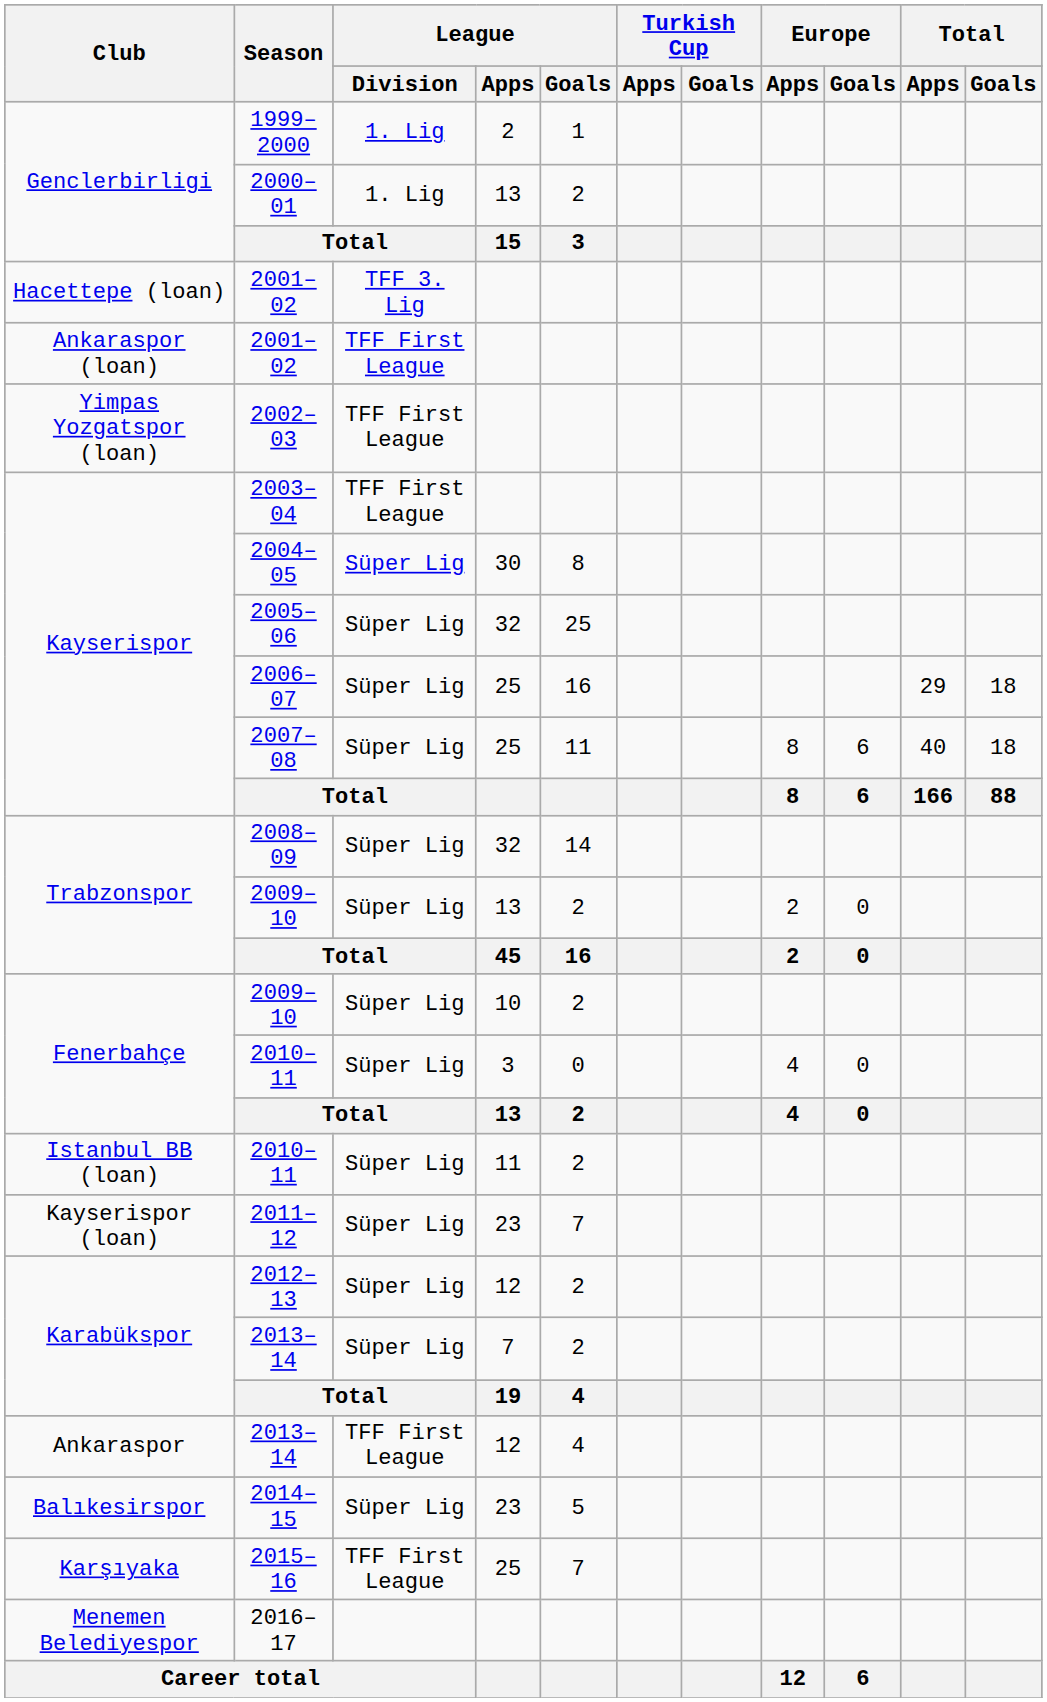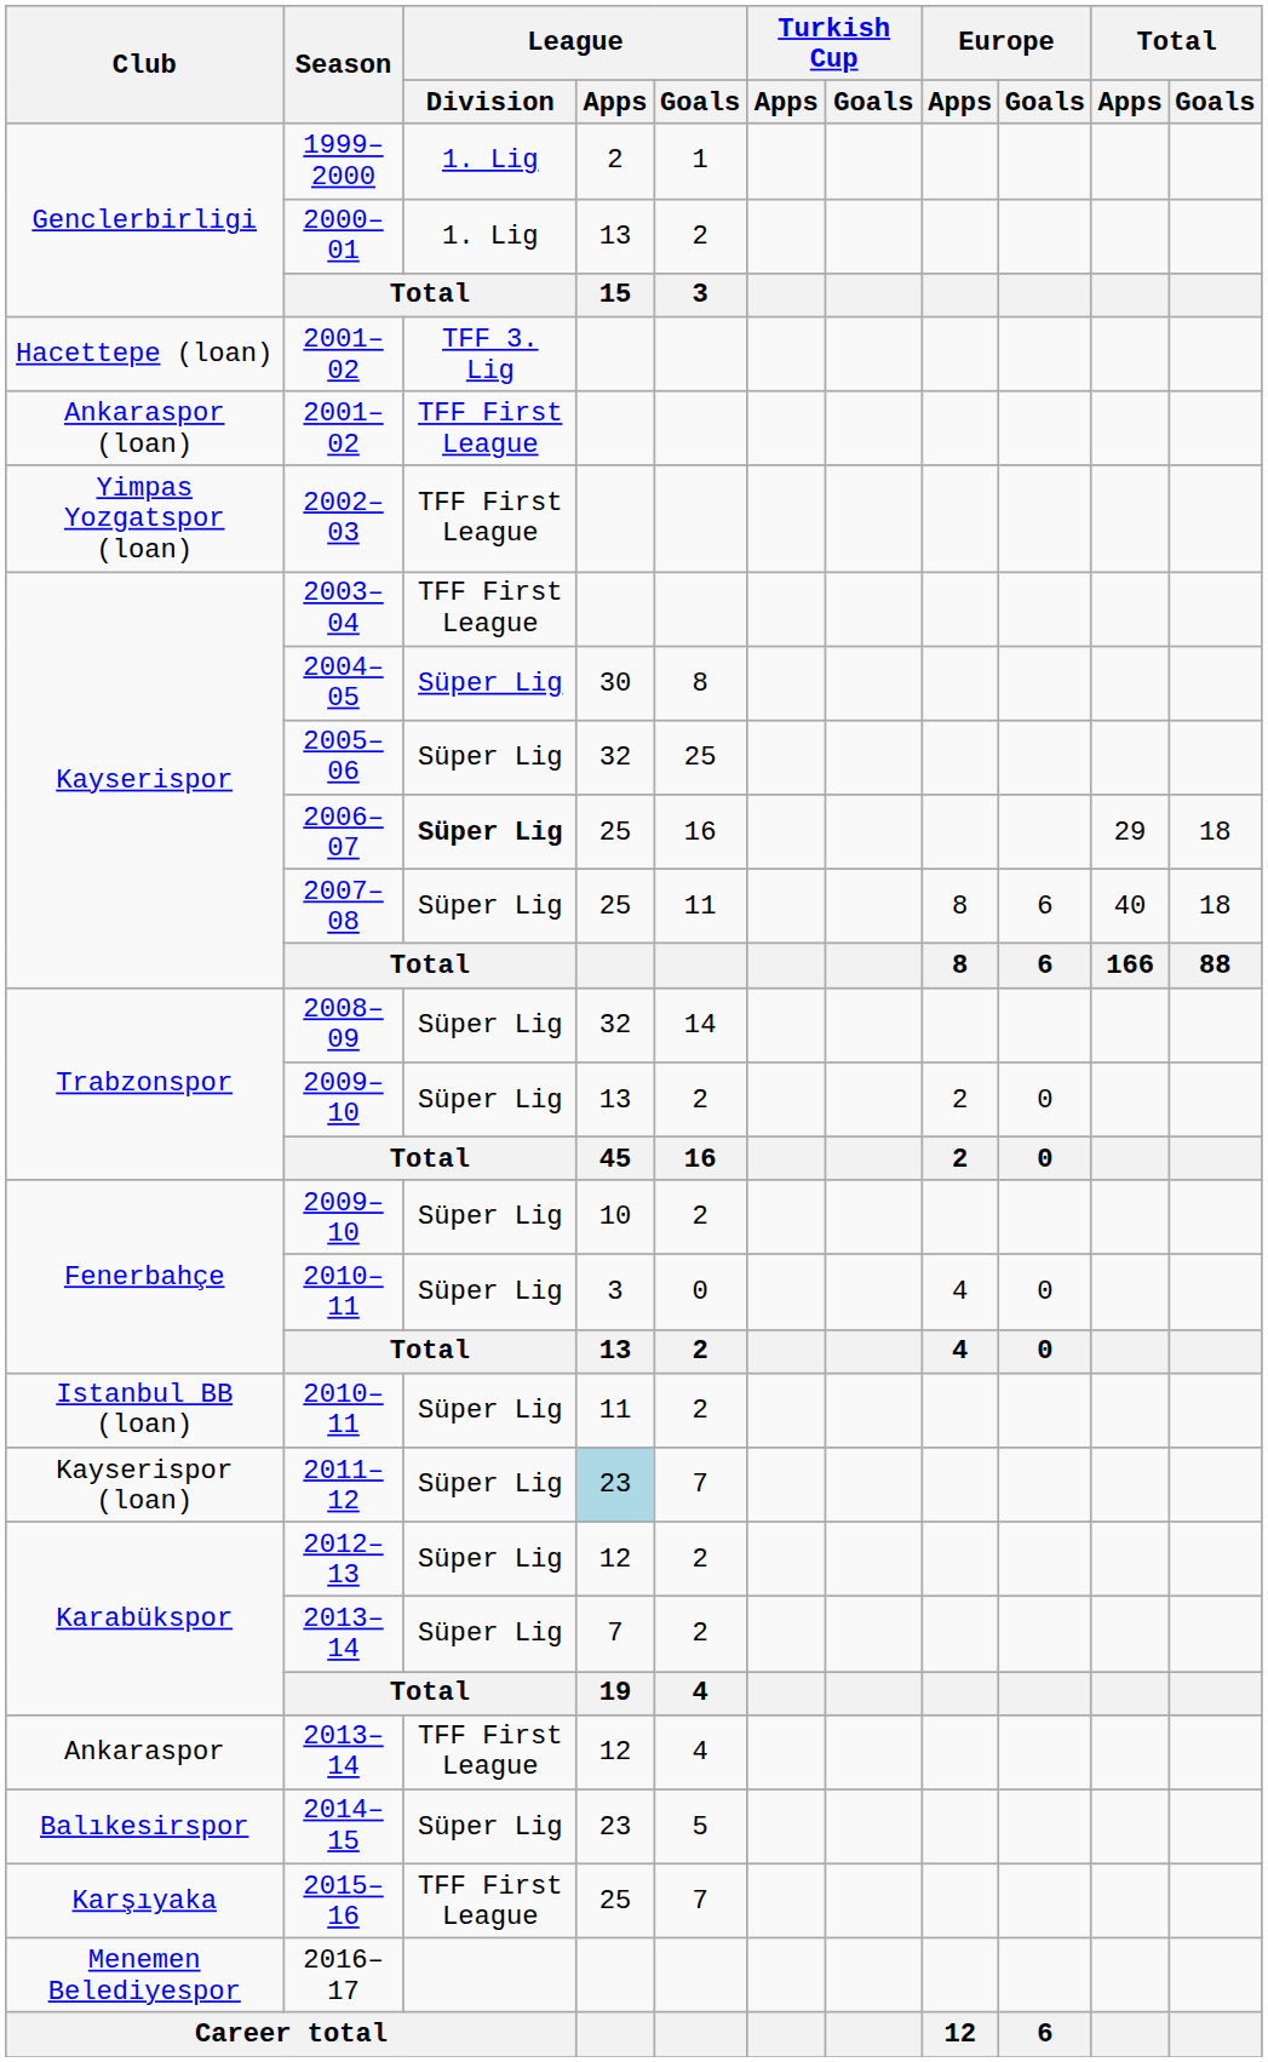 <table class="wikitable" style="text-align:center">
 <tr>
 <th rowspan="2">Club</th>
 <th rowspan="2">Season</th>
 <th colspan="3">League</th>
 <th colspan="2"><a href='#'>Turkish Cup</a></th>
 <th colspan="2">Europe</th>
 <th colspan="2">Total</th>
 </tr>
 <tr>
 <th>Division</th>
 <th>Apps</th>
 <th>Goals</th>
 <th>Apps</th>
 <th>Goals</th>
 <th>Apps</th>
 <th>Goals</th>
 <th>Apps</th>
 <th>Goals</th>
 </tr>
 <tr>
 <td rowspan="3"><a href='#'>Genclerbirligi</a></td>
 <td><a href='#'>1999–2000</a></td>
 <td><a href='#'>1. Lig</a></td>
 <td>2</td>
 <td>1</td>
 <td></td>
 <td></td>
 <td></td>
 <td></td>
 <td></td>
 <td></td>
 </tr>
 <tr>
 <td><a href='#'>2000–01</a></td>
 <td>1. Lig</td>
 <td>13</td>
 <td>2</td>
 <td></td>
 <td></td>
 <td></td>
 <td></td>
 <td></td>
 <td></td>
 </tr>
 <tr>
 <th colspan="2">Total</th>
 <th>15</th>
 <th>3</th>
 <th></th>
 <th></th>
 <th></th>
 <th></th>
 <th></th>
 <th></th>
 </tr>
 <tr>
 <td><a href='#'>Hacettepe</a> (loan)</td>
 <td><a href='#'>2001–02</a></td>
 <td><a href='#'>TFF 3. Lig</a></td>
 <td></td>
 <td></td>
 <td></td>
 <td></td>
 <td></td>
 <td></td>
 <td></td>
 <td></td>
 </tr>
 <tr>
 <td><a href='#'>Ankaraspor</a> (loan)</td>
 <td><a href='#'>2001–02</a></td>
 <td><a href='#'>TFF First League</a></td>
 <td></td>
 <td></td>
 <td></td>
 <td></td>
 <td></td>
 <td></td>
 <td></td>
 <td></td>
 </tr>
 <tr>
 <td><a href='#'>Yimpas Yozgatspor</a>  (loan)</td>
 <td><a href='#'>2002–03</a></td>
 <td>TFF First League</td>
 <td></td>
 <td></td>
 <td></td>
 <td></td>
 <td></td>
 <td></td>
 <td></td>
 <td></td>
 </tr>
 <tr>
 <td rowspan="6"><a href='#'>Kayserispor</a></td>
 <td><a href='#'>2003–04</a></td>
 <td>TFF First League</td>
 <td></td>
 <td></td>
 <td></td>
 <td></td>
 <td></td>
 <td></td>
 <td></td>
 <td></td>
 </tr>
 <tr>
 <td><a href='#'>2004–05</a></td>
 <td><a href='#'>Süper Lig</a></td>
 <td>30</td>
 <td>8</td>
 <td></td>
 <td></td>
 <td></td>
 <td></td>
 <td></td>
 <td></td>
 </tr>
 <tr>
 <td><a href='#'>2005–06</a></td>
 <td>Süper Lig</td>
 <td>32</td>
 <td>25</td>
 <td></td>
 <td></td>
 <td></td>
 <td></td>
 <td></td>
 <td></td>
 </tr>
 <tr>
 <td><a href='#'>2006–07</a></td>
-<td>Süper Lig</td>
+<td><strong>Süper Lig</strong></td>
 <td>25</td>
 <td>16</td>
 <td></td>
 <td></td>
 <td></td>
 <td></td>
 <td>29</td>
 <td>18</td>
 </tr>
 <tr>
 <td><a href='#'>2007–08</a></td>
 <td>Süper Lig</td>
 <td>25</td>
 <td>11</td>
 <td></td>
 <td></td>
 <td>8</td>
 <td>6</td>
 <td>40</td>
 <td>18</td>
 </tr>
 <tr>
 <th colspan="2">Total</th>
 <th></th>
 <th></th>
 <th></th>
 <th></th>
 <th>8</th>
 <th>6</th>
 <th>166</th>
 <th>88</th>
 </tr>
 <tr>
 <td rowspan="3"><a href='#'>Trabzonspor</a></td>
 <td><a href='#'>2008–09</a></td>
 <td>Süper Lig</td>
 <td>32</td>
 <td>14</td>
 <td></td>
 <td></td>
 <td></td>
 <td></td>
 <td></td>
 <td></td>
 </tr>
 <tr>
 <td><a href='#'>2009–10</a></td>
 <td>Süper Lig</td>
 <td>13</td>
 <td>2</td>
 <td></td>
 <td></td>
 <td>2</td>
 <td>0</td>
 <td></td>
 <td></td>
 </tr>
 <tr>
 <th colspan="2">Total</th>
 <th>45</th>
 <th>16</th>
 <th></th>
 <th></th>
 <th>2</th>
 <th>0</th>
 <th></th>
 <th></th>
 </tr>
 <tr>
 <td rowspan="3"><a href='#'>Fenerbahçe</a></td>
 <td><a href='#'>2009–10</a></td>
 <td>Süper Lig</td>
 <td>10</td>
 <td>2</td>
 <td></td>
 <td></td>
 <td></td>
 <td></td>
 <td></td>
 <td></td>
 </tr>
 <tr>
 <td><a href='#'>2010–11</a></td>
 <td>Süper Lig</td>
 <td>3</td>
 <td>0</td>
 <td></td>
 <td></td>
 <td>4</td>
 <td>0</td>
 <td></td>
 <td></td>
 </tr>
 <tr>
 <th colspan="2">Total</th>
 <th>13</th>
 <th>2</th>
 <th></th>
 <th></th>
 <th>4</th>
 <th>0</th>
 <th></th>
 <th></th>
 </tr>
 <tr>
 <td><a href='#'>Istanbul BB</a> (loan)</td>
 <td><a href='#'>2010–11</a></td>
 <td>Süper Lig</td>
 <td>11</td>
 <td>2</td>
 <td></td>
 <td></td>
 <td></td>
 <td></td>
 <td></td>
 <td></td>
 </tr>
 <tr>
 <td>Kayserispor (loan)</td>
 <td><a href='#'>2011–12</a></td>
 <td>Süper Lig</td>
-<td>23</td>
+<td style="background: lightblue;">23</td>
 <td>7</td>
 <td></td>
 <td></td>
 <td></td>
 <td></td>
 <td></td>
 <td></td>
 </tr>
 <tr>
 <td rowspan="3"><a href='#'>Karabükspor</a></td>
 <td><a href='#'>2012–13</a></td>
 <td>Süper Lig</td>
 <td>12</td>
 <td>2</td>
 <td></td>
 <td></td>
 <td></td>
 <td></td>
 <td></td>
 <td></td>
 </tr>
 <tr>
 <td><a href='#'>2013–14</a></td>
 <td>Süper Lig</td>
 <td>7</td>
 <td>2</td>
 <td></td>
 <td></td>
 <td></td>
 <td></td>
 <td></td>
 <td></td>
 </tr>
 <tr>
 <th colspan="2">Total</th>
 <th>19</th>
 <th>4</th>
 <th></th>
 <th></th>
 <th></th>
 <th></th>
 <th></th>
 <th></th>
 </tr>
 <tr>
 <td>Ankaraspor</td>
 <td><a href='#'>2013–14</a></td>
 <td>TFF First League</td>
 <td>12</td>
 <td>4</td>
 <td></td>
 <td></td>
 <td></td>
 <td></td>
 <td></td>
 <td></td>
 </tr>
 <tr>
 <td><a href='#'>Balıkesirspor</a></td>
 <td><a href='#'>2014–15</a></td>
 <td>Süper Lig</td>
 <td>23</td>
 <td>5</td>
 <td></td>
 <td></td>
 <td></td>
 <td></td>
 <td></td>
 <td></td>
 </tr>
 <tr>
 <td><a href='#'>Karşıyaka</a></td>
 <td><a href='#'>2015–16</a></td>
 <td>TFF First League</td>
 <td>25</td>
 <td>7</td>
 <td></td>
 <td></td>
 <td></td>
 <td></td>
 <td></td>
 <td></td>
 </tr>
 <tr>
 <td><a href='#'>Menemen Belediyespor</a></td>
 <td>2016–17</td>
 <td></td>
 <td></td>
 <td></td>
 <td></td>
 <td></td>
 <td></td>
 <td></td>
 <td></td>
 <td></td>
 </tr>
 <tr>
 <th colspan="3">Career total</th>
 <th></th>
 <th></th>
 <th></th>
 <th></th>
 <th>12</th>
 <th>6</th>
 <th></th>
 <th></th>
 </tr>
 </table>
